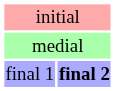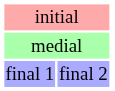 <table>
 <tr align=center>
 <td colspan="2"  style="background:#faa; width:60px; height:20px;">initial</td>
 </tr>
 <tr align=center>
 <td style="background:#afa; height:20px;" colspan="2">medial</td>
 </tr>
 <tr style="text-align:center; background:#aaf;">
 <td style="height:20px;">final 1</td>
-<td><strong>final 2</strong></td>
+<td>final 2</td>
 </tr>
 </table>
